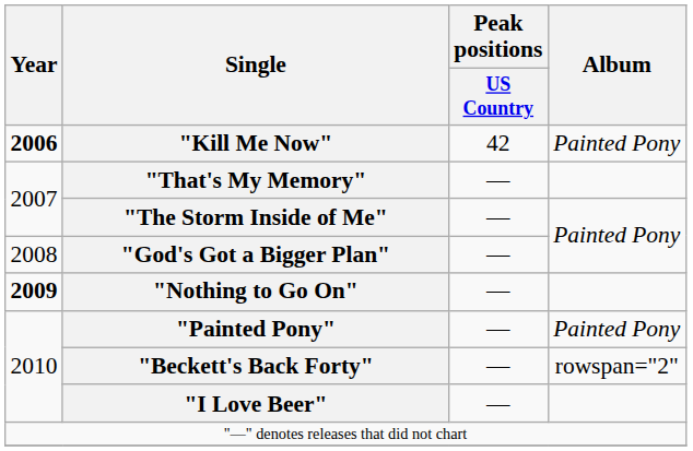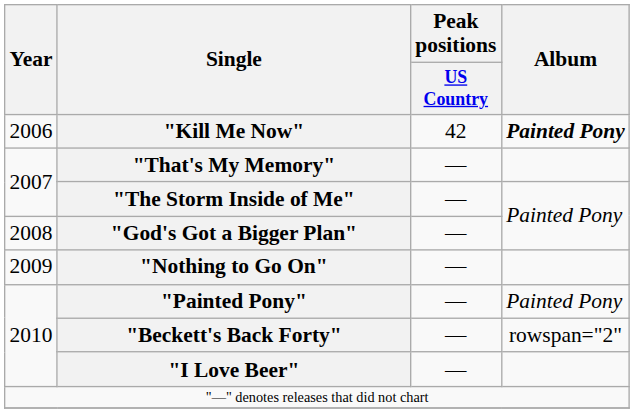 <table class="wikitable plainrowheaders" style="text-align:center;">
 <tr>
 <th rowspan="2">Year</th>
 <th rowspan="2" style="width:16em;">Single</th>
 <th colspan="1">Peak positions</th>
 <th rowspan="2">Album</th>
 </tr>
 <tr style="font-size:smaller;">
 <th width="60"><a href='#'>US Country</a></th>
 </tr>
 <tr>
-<td><strong>2006</strong></td>
+<td>2006</td>
 <th scope="row">"Kill Me Now"</th>
 <td>42</td>
-<td align="left"><em>Painted Pony</em></td>
+<td align="left"><strong><em>Painted Pony</em></strong></td>
 </tr>
 <tr>
 <td rowspan="2">2007</td>
 <th scope="row">"That's My Memory"</th>
 <td>—</td>
 <td></td>
 </tr>
 <tr>
 <th scope="row">"The Storm Inside of Me"</th>
 <td>—</td>
 <td align="left" rowspan="2"><em>Painted Pony</em></td>
 </tr>
 <tr>
 <td>2008</td>
 <th scope="row">"God's Got a Bigger Plan"</th>
 <td>—</td>
 </tr>
 <tr>
-<td><strong>2009</strong></td>
+<td>2009</td>
 <th scope="row">"Nothing to Go On"</th>
 <td>—</td>
 <td></td>
 </tr>
 <tr>
 <td rowspan="3">2010</td>
 <th scope="row">"Painted Pony"</th>
 <td>—</td>
 <td align="left"><em>Painted Pony</em></td>
 </tr>
 <tr>
 <th scope="row">"Beckett's Back Forty"</th>
 <td>—</td>
 <td>rowspan="2" </td>
 </tr>
 <tr>
 <th scope="row">"I Love Beer"</th>
 <td>—</td>
 </tr>
 <tr>
 <td colspan="4" style="font-size:8pt">"—" denotes releases that did not chart</td>
 </tr>
 <tr>
 </tr>
 </table>
